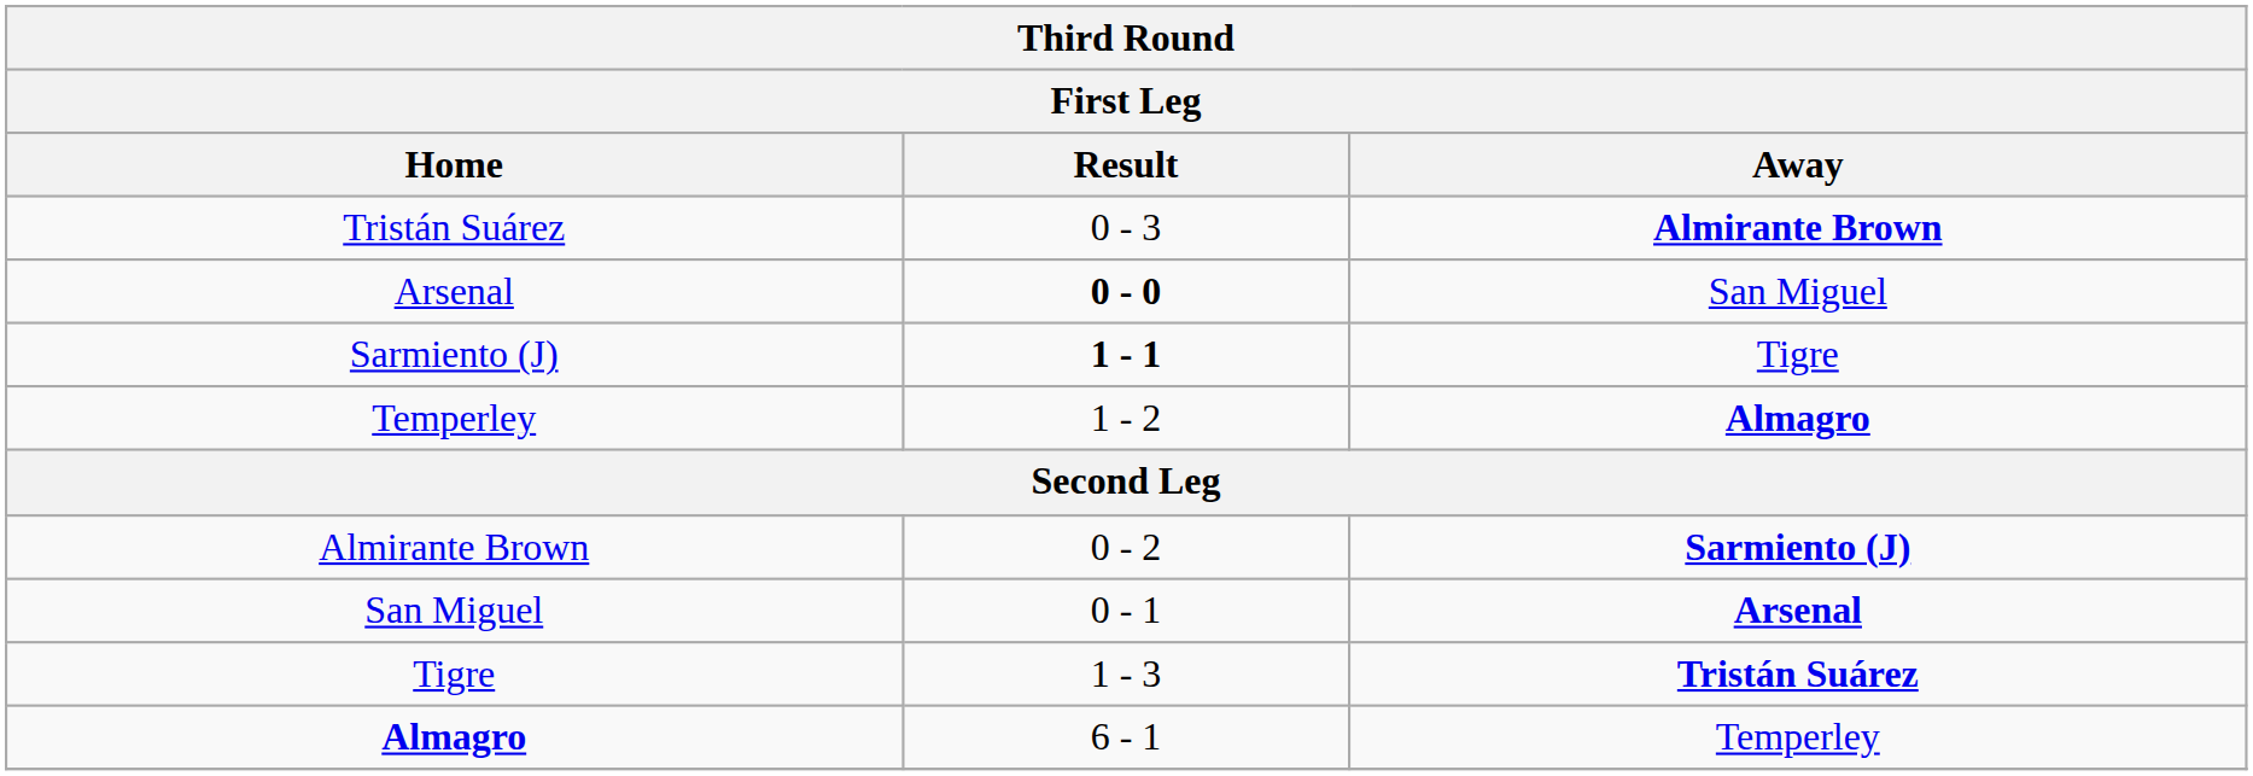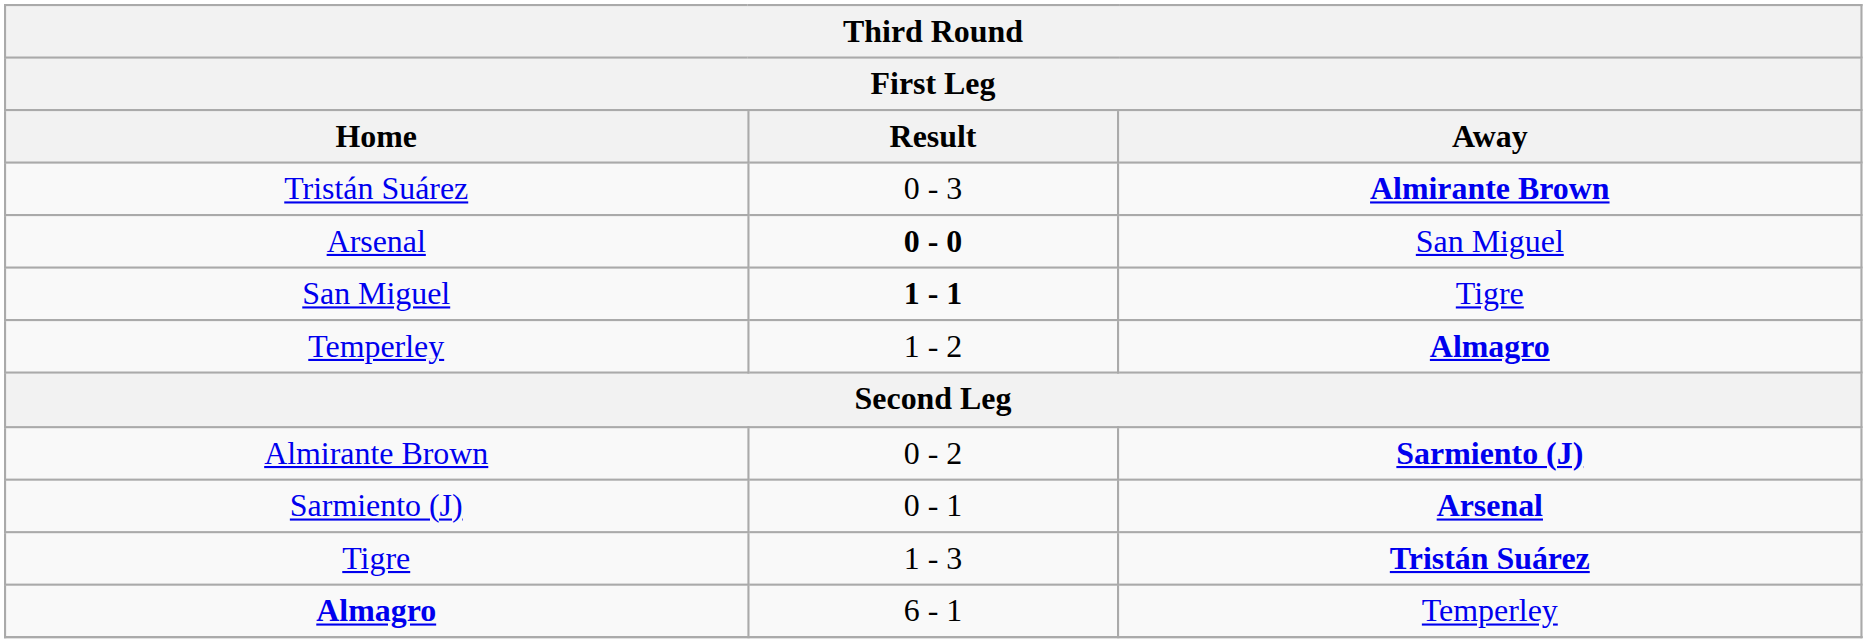 <table align=center class="wikitable collapsible collapsed" style="font-size:95%; text-align: center; width: 70%;">
 <tr>
 <th colspan=100% style="with: 100%;" align=center>Third Round</th>
 </tr>
 <tr>
 <th colspan=100% style="with: 75%;" align=center>First Leg</th>
 </tr>
 <tr>
 <th width=30%>Home</th>
 <th width=15%>Result</th>
 <th width=30%>Away</th>
 </tr>
 <tr align=center>
 <td><a href='#'>Tristán Suárez</a></td>
 <td>0 - 3</td>
 <td><strong><a href='#'>Almirante Brown</a></strong></td>
 </tr>
 <tr align=center>
 <td><a href='#'>Arsenal</a></td>
 <td><strong>0 - 0</strong></td>
 <td><a href='#'>San Miguel</a></td>
 </tr>
 <tr align=center>
-<td><a href='#'>Sarmiento (J)</a></td>
+<td><a href='#'>San Miguel</a></td>
 <td><strong>1 - 1</strong></td>
 <td><a href='#'>Tigre</a></td>
 </tr>
 <tr align=center>
 <td><a href='#'>Temperley</a></td>
 <td>1 - 2</td>
 <td><strong><a href='#'>Almagro</a> </strong></td>
 </tr>
 <tr>
 <th colspan=100% style="with: 75%;" align=center>Second Leg</th>
 </tr>
 <tr align=center>
 <td><a href='#'>Almirante Brown</a></td>
 <td>0 - 2</td>
 <td><strong><a href='#'>Sarmiento (J)</a></strong></td>
 </tr>
 <tr align=center>
-<td><a href='#'>San Miguel</a></td>
+<td><a href='#'>Sarmiento (J)</a></td>
 <td>0 - 1</td>
 <td><strong><a href='#'>Arsenal</a></strong></td>
 </tr>
 <tr align=center>
 <td><a href='#'>Tigre</a></td>
 <td>1 - 3</td>
 <td><strong><a href='#'>Tristán Suárez</a></strong></td>
 </tr>
 <tr align=center>
 <td><strong><a href='#'>Almagro</a> </strong></td>
 <td>6 - 1</td>
 <td><a href='#'>Temperley</a></td>
 </tr>
 <tr>
 </tr>
 </table>
